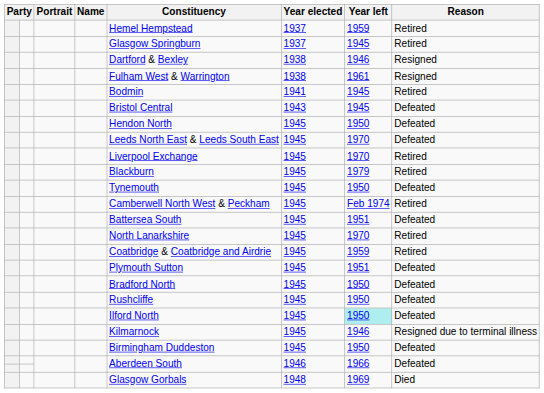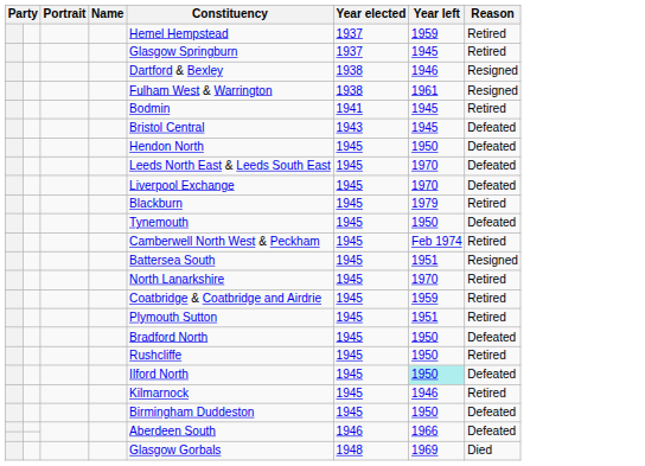 <table class="wikitable sortable">
 <tr>
 <th colspan=2>Party</th>
 <th>Portrait</th>
 <th>Name</th>
 <th>Constituency</th>
 <th>Year elected</th>
 <th>Year left</th>
 <th>Reason</th>
 </tr>
 <tr>
 <th style="background-color: "></th>
 <td></td>
 <td></td>
 <td></td>
 <td><a href='#'>Hemel Hempstead</a></td>
 <td><a href='#'>1937</a></td>
 <td><a href='#'>1959</a></td>
 <td>Retired</td>
 </tr>
 <tr>
 <th style="background-color: "></th>
 <td></td>
 <td></td>
 <td></td>
 <td><a href='#'>Glasgow Springburn</a></td>
 <td><a href='#'>1937</a></td>
 <td><a href='#'>1945</a></td>
 <td>Retired</td>
 </tr>
 <tr>
 <th style="background-color: "></th>
 <td></td>
 <td></td>
 <td></td>
 <td><a href='#'>Dartford</a> & <a href='#'>Bexley</a></td>
 <td><a href='#'>1938</a></td>
 <td><a href='#'>1946</a></td>
 <td>Resigned</td>
 </tr>
 <tr>
 <th style="background-color: "></th>
 <td></td>
 <td></td>
 <td></td>
 <td><a href='#'>Fulham West</a> & <a href='#'>Warrington</a></td>
 <td><a href='#'>1938</a></td>
 <td><a href='#'>1961</a></td>
 <td>Resigned</td>
 </tr>
 <tr>
 <th style="background-color: "></th>
 <td></td>
 <td></td>
 <td></td>
 <td><a href='#'>Bodmin</a></td>
 <td><a href='#'>1941</a></td>
 <td><a href='#'>1945</a></td>
 <td>Retired</td>
 </tr>
 <tr>
 <th style="background-color: "></th>
 <td></td>
 <td></td>
 <td></td>
 <td><a href='#'>Bristol Central</a></td>
 <td><a href='#'>1943</a></td>
 <td><a href='#'>1945</a></td>
 <td>Defeated</td>
 </tr>
 <tr>
 <th style="background-color: "></th>
 <td></td>
 <td></td>
 <td></td>
 <td><a href='#'>Hendon North</a></td>
 <td><a href='#'>1945</a></td>
 <td><a href='#'>1950</a></td>
 <td>Defeated</td>
 </tr>
 <tr>
 <th style="background-color: "></th>
 <td></td>
 <td></td>
 <td></td>
 <td><a href='#'>Leeds North East</a> & <a href='#'>Leeds South East</a></td>
 <td><a href='#'>1945</a></td>
 <td><a href='#'>1970</a></td>
 <td>Defeated</td>
 </tr>
 <tr>
 <th style="background-color: "></th>
 <td></td>
 <td></td>
 <td></td>
 <td><a href='#'>Liverpool Exchange</a></td>
 <td><a href='#'>1945</a></td>
 <td><a href='#'>1970</a></td>
-<td>Retired</td>
+<td>Defeated</td>
 </tr>
 <tr>
 <th style="background-color: "></th>
 <td></td>
 <td></td>
 <td></td>
 <td><a href='#'>Blackburn</a></td>
 <td><a href='#'>1945</a></td>
 <td><a href='#'>1979</a></td>
 <td>Retired</td>
 </tr>
 <tr>
 <th style="background-color: "></th>
 <td></td>
 <td></td>
 <td></td>
 <td><a href='#'>Tynemouth</a></td>
 <td><a href='#'>1945</a></td>
 <td><a href='#'>1950</a></td>
 <td>Defeated</td>
 </tr>
 <tr>
 <th style="background-color: "></th>
 <td></td>
 <td></td>
 <td></td>
 <td><a href='#'>Camberwell North West</a> & <a href='#'>Peckham</a></td>
 <td><a href='#'>1945</a></td>
 <td><a href='#'>Feb 1974</a></td>
 <td>Retired</td>
 </tr>
 <tr>
 <th style="background-color: "></th>
 <td></td>
 <td></td>
 <td></td>
 <td><a href='#'>Battersea South</a></td>
 <td><a href='#'>1945</a></td>
 <td><a href='#'>1951</a></td>
-<td>Defeated</td>
+<td>Resigned</td>
 </tr>
 <tr>
 <th style="background-color: "></th>
 <td></td>
 <td></td>
 <td></td>
 <td><a href='#'>North Lanarkshire</a></td>
 <td><a href='#'>1945</a></td>
 <td><a href='#'>1970</a></td>
 <td>Retired</td>
 </tr>
 <tr>
 <th style="background-color: "></th>
 <td></td>
 <td></td>
 <td></td>
 <td><a href='#'>Coatbridge</a> & <a href='#'>Coatbridge and Airdrie</a></td>
 <td><a href='#'>1945</a></td>
 <td><a href='#'>1959</a></td>
 <td>Retired</td>
 </tr>
 <tr>
 <th style="background-color: "></th>
 <td></td>
 <td></td>
 <td></td>
 <td><a href='#'>Plymouth Sutton</a></td>
 <td><a href='#'>1945</a></td>
 <td><a href='#'>1951</a></td>
-<td>Defeated</td>
+<td>Retired</td>
 </tr>
 <tr>
 <th style="background-color: "></th>
 <td></td>
 <td></td>
 <td></td>
 <td><a href='#'>Bradford North</a></td>
 <td><a href='#'>1945</a></td>
 <td><a href='#'>1950</a></td>
 <td>Defeated</td>
 </tr>
 <tr>
 <th style="background-color: "></th>
 <td></td>
 <td></td>
 <td></td>
 <td><a href='#'>Rushcliffe</a></td>
 <td><a href='#'>1945</a></td>
 <td><a href='#'>1950</a></td>
-<td>Defeated</td>
+<td>Retired</td>
 </tr>
 <tr>
 <th style="background-color: "></th>
 <td></td>
 <td></td>
 <td></td>
 <td><a href='#'>Ilford North</a></td>
 <td><a href='#'>1945</a></td>
 <td style="background: paleturquoise;"><a href='#'>1950</a></td>
 <td>Defeated</td>
 </tr>
 <tr>
 <th style="background-color: "></th>
 <td></td>
 <td></td>
 <td></td>
 <td><a href='#'>Kilmarnock</a></td>
 <td><a href='#'>1945</a></td>
 <td><a href='#'>1946</a></td>
-<td>Resigned due to terminal illness</td>
+<td>Retired</td>
 </tr>
 <tr>
 <th style="background-color: "></th>
 <td></td>
 <td></td>
 <td></td>
 <td><a href='#'>Birmingham Duddeston</a></td>
 <td><a href='#'>1945</a></td>
 <td><a href='#'>1950</a></td>
 <td>Defeated</td>
 </tr>
 <tr>
 <th style="background-color: "></th>
 <td></td>
 <td rowspan=2></td>
 <td rowspan=2></td>
 <td rowspan=2><a href='#'>Aberdeen South</a></td>
 <td rowspan=2><a href='#'>1946</a></td>
 <td rowspan=2><a href='#'>1966</a></td>
 <td rowspan=2>Defeated</td>
 </tr>
 <tr>
 <th style="background-color: "></th>
 <td></td>
 </tr>
 <tr>
 <th style="background-color: "></th>
 <td></td>
 <td></td>
 <td></td>
 <td><a href='#'>Glasgow Gorbals</a></td>
 <td><a href='#'>1948</a></td>
 <td><a href='#'>1969</a></td>
 <td>Died</td>
 </tr>
 </table>
